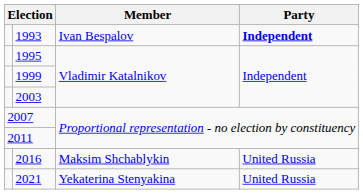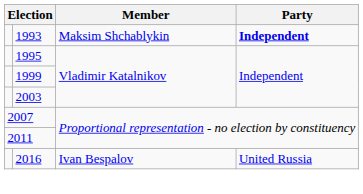 <table class="wikitable">
 <tr>
 <th colspan="2">Election</th>
 <th>Member</th>
 <th>Party</th>
 </tr>
 <tr>
 <td style="background-color:"></td>
 <td><a href='#'>1993</a></td>
-<td><a href='#'>Ivan Bespalov</a></td>
+<td><a href='#'>Maksim Shchablykin</a></td>
 <td><strong><a href='#'>Independent</a></strong></td>
 </tr>
 <tr>
 <td style="background-color:"></td>
 <td><a href='#'>1995</a></td>
 <td rowspan=3><a href='#'>Vladimir Katalnikov</a></td>
 <td rowspan=3><a href='#'>Independent</a></td>
 </tr>
 <tr>
 <td style="background-color:"></td>
 <td><a href='#'>1999</a></td>
 </tr>
 <tr>
 <td style="background-color:"></td>
 <td><a href='#'>2003</a></td>
 </tr>
 <tr>
 <td colspan=2><a href='#'>2007</a></td>
 <td colspan=2 rowspan=2><em><a href='#'>Proportional representation</a> - no election by constituency</em></td>
 </tr>
 <tr>
 <td colspan=2><a href='#'>2011</a></td>
 </tr>
 <tr>
 <td style="background-color: "></td>
 <td><a href='#'>2016</a></td>
-<td><a href='#'>Maksim Shchablykin</a></td>
-<td><a href='#'>United Russia</a></td>
-</tr>
-<tr>
-<td style="background-color: "></td>
-<td><a href='#'>2021</a></td>
-<td><a href='#'>Yekaterina Stenyakina</a></td>
+<td><a href='#'>Ivan Bespalov</a></td>
 <td><a href='#'>United Russia</a></td>
 </tr>
 </table>
